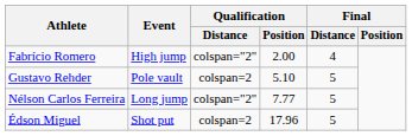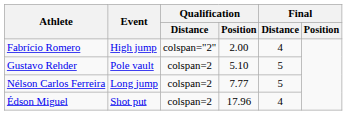 <table class=wikitable style="font-size:90%">
 <tr>
 <th rowspan="2">Athlete</th>
 <th rowspan="2">Event</th>
 <th colspan="2">Qualification</th>
 <th colspan="2">Final</th>
 </tr>
 <tr style="font-size:95%">
 <th>Distance</th>
 <th>Position</th>
 <th>Distance</th>
 <th>Position</th>
 </tr>
 <tr align=center>
 <td align=left><a href='#'>Fabrício Romero</a></td>
 <td align=left rowspan=1><a href='#'>High jump</a></td>
 <td>colspan="2" </td>
 <td>2.00</td>
 <td>4</td>
 </tr>
 <tr align=center>
 <td align=left><a href='#'>Gustavo Rehder</a></td>
 <td align=left><a href='#'>Pole vault</a></td>
 <td>colspan=2 </td>
 <td>5.10</td>
 <td>5</td>
 </tr>
 <tr align=center>
 <td align=left><a href='#'>Nélson Carlos Ferreira</a></td>
 <td align=left rowspan=1><a href='#'>Long jump</a></td>
-<td>colspan="2" </td>
+<td>colspan=2 </td>
 <td>7.77</td>
 <td>5</td>
 </tr>
 <tr align=center>
 <td align=left><a href='#'>Édson Miguel</a></td>
 <td align=left><a href='#'>Shot put</a></td>
 <td>colspan=2 </td>
 <td>17.96</td>
-<td>5</td>
+<td>4</td>
 </tr>
 </table>
